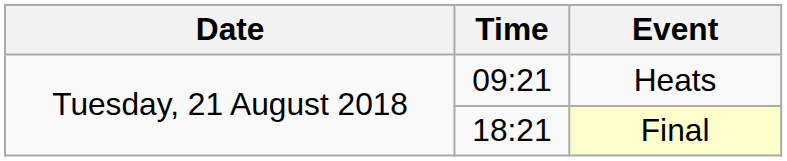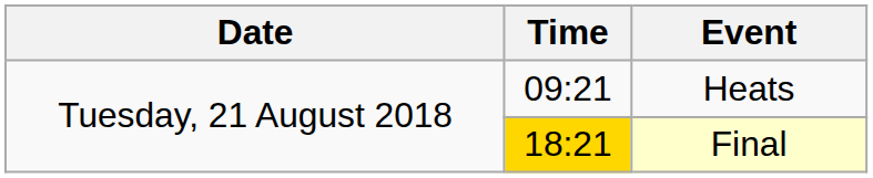 <table class = "wikitable" style="text-align:center;">
 <tr>
 <th width=220>Date</th>
 <th width=50>Time</th>
 <th width=100>Event</th>
 </tr>
 <tr>
 <td rowspan=2>Tuesday, 21 August 2018</td>
 <td>09:21</td>
 <td>Heats</td>
 </tr>
 <tr>
-<td>18:21</td>
+<td style="background: gold;">18:21</td>
 <td bgcolor=ffffcc>Final</td>
 </tr>
 </table>
